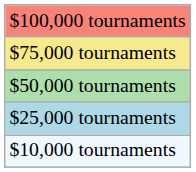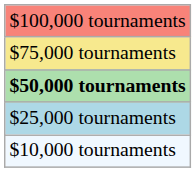 <table class="wikitable" style="font-size:85%">
 <tr style="background:#f88379;">
 <td>$100,000 tournaments</td>
 </tr>
 <tr style="background:#f7e98e;">
 <td>$75,000 tournaments</td>
 </tr>
 <tr style="background:#addfad;">
-<td>$50,000 tournaments</td>
+<td><strong>$50,000 tournaments</strong></td>
 </tr>
 <tr style="background:lightblue;">
 <td>$25,000 tournaments</td>
 </tr>
 <tr bgcolor="#f0f8ff">
 <td>$10,000 tournaments</td>
 </tr>
 </table>
